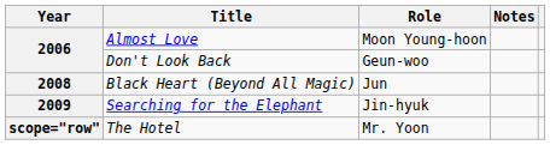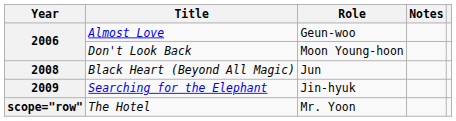 <table class="wikitable sortable plainrowheaders">
 <tr>
 <th scope="col">Year</th>
 <th scope="col">Title</th>
 <th scope="col">Role</th>
 <th scope="col">Notes</th>
 <th scope="col" class="unsortable"></th>
 </tr>
 <tr>
 <th scope="row" rowspan=2>2006</th>
 <td><em><a href='#'>Almost Love</a></em></td>
-<td>Moon Young-hoon</td>
+<td>Geun-woo</td>
 <td></td>
 <td></td>
 </tr>
 <tr>
 <td><em>Don't Look Back</em></td>
-<td>Geun-woo</td>
+<td>Moon Young-hoon</td>
 <td></td>
 <td></td>
 </tr>
 <tr>
 <th scope="row">2008</th>
 <td><em>Black Heart (Beyond All Magic)</em></td>
 <td>Jun</td>
 <td></td>
 <td></td>
 </tr>
 <tr>
 <th scope="row">2009</th>
 <td><em><a href='#'>Searching for the Elephant</a></em></td>
 <td>Jin-hyuk</td>
 <td></td>
 <td></td>
 </tr>
 <tr>
 <th>scope="row" </th>
 <td><em>The Hotel</em></td>
 <td>Mr. Yoon</td>
 <td></td>
 <td></td>
 </tr>
 </table>
